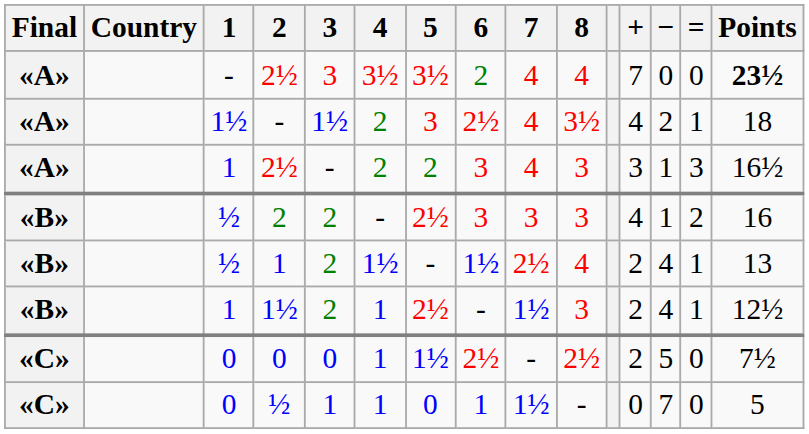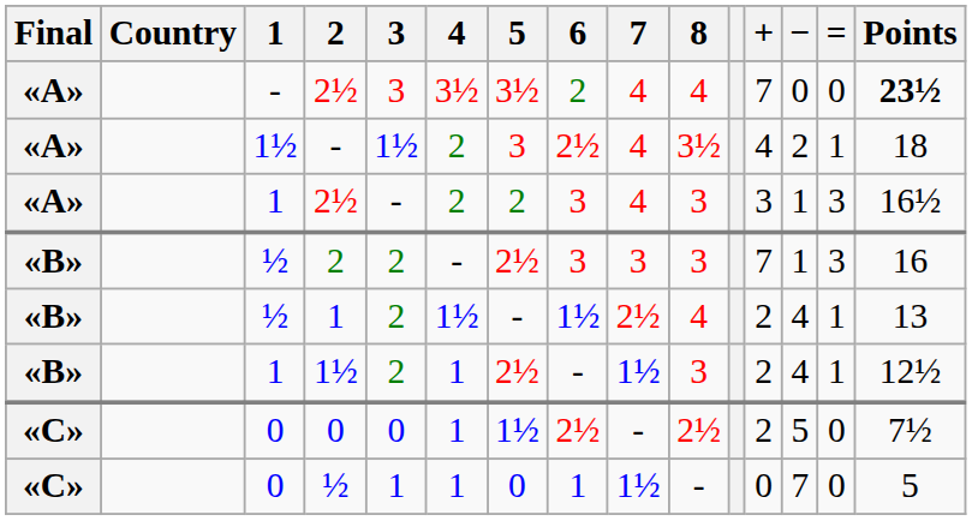 <table class="wikitable" style="text-align:center">
 <tr>
 <th>Final</th>
 <th>Country</th>
 <th>1</th>
 <th>2</th>
 <th>3</th>
 <th>4</th>
 <th>5</th>
 <th>6</th>
 <th>7</th>
 <th>8</th>
 <th></th>
 <th>+</th>
 <th>−</th>
 <th>=</th>
 <th>Points</th>
 </tr>
 <tr>
 <th>«A»</th>
 <td style="text-align: left"></td>
 <td>-</td>
 <td style="color: red;">2½</td>
 <td style="color: red;">3</td>
 <td style="color: red;">3½</td>
 <td style="color: red;">3½</td>
 <td style="color: green">2</td>
 <td style="color: red;">4</td>
 <td style="color: red;">4</td>
 <th></th>
 <td>7</td>
 <td>0</td>
 <td>0</td>
 <td><strong>23½</strong></td>
 </tr>
 <tr>
 <th>«A»</th>
 <td style="text-align: left"></td>
 <td style="color: blue;">1½</td>
 <td>-</td>
 <td style="color: blue;">1½</td>
 <td style="color: green">2</td>
 <td style="color: red;">3</td>
 <td style="color: red;">2½</td>
 <td style="color: red;">4</td>
 <td style="color: red;">3½</td>
 <th></th>
 <td>4</td>
 <td>2</td>
 <td>1</td>
 <td>18</td>
 </tr>
 <tr>
 <th>«A»</th>
 <td style="text-align: left"></td>
 <td style="color: blue;">1</td>
 <td style="color: red;">2½</td>
 <td>-</td>
 <td style="color: green">2</td>
 <td style="color: green">2</td>
 <td style="color: red;">3</td>
 <td style="color: red;">4</td>
 <td style="color: red;">3</td>
 <th></th>
 <td>3</td>
 <td>1</td>
 <td>3</td>
 <td>16½</td>
 </tr>
 <tr style="border-top:2px solid grey;">
 <th>«B»</th>
 <td style="text-align: left"></td>
 <td style="color: blue;">½</td>
 <td style="color: green">2</td>
 <td style="color: green">2</td>
 <td>-</td>
 <td style="color: red;">2½</td>
 <td style="color: red;">3</td>
 <td style="color: red;">3</td>
 <td style="color: red;">3</td>
 <th></th>
-<td>4</td>
+<td>7</td>
 <td>1</td>
-<td>2</td>
+<td>3</td>
 <td>16</td>
 </tr>
 <tr>
 <th>«B»</th>
 <td style="text-align: left"></td>
 <td style="color: blue;">½</td>
 <td style="color: blue;">1</td>
 <td style="color: green">2</td>
 <td style="color: blue;">1½</td>
 <td>-</td>
 <td style="color: blue;">1½</td>
 <td style="color: red;">2½</td>
 <td style="color: red;">4</td>
 <th></th>
 <td>2</td>
 <td>4</td>
 <td>1</td>
 <td>13</td>
 </tr>
 <tr>
 <th>«B»</th>
 <td style="text-align: left"></td>
 <td style="color: blue;">1</td>
 <td style="color: blue;">1½</td>
 <td style="color: green">2</td>
 <td style="color: blue;">1</td>
 <td style="color: red;">2½</td>
 <td>-</td>
 <td style="color: blue;">1½</td>
 <td style="color: red;">3</td>
 <th></th>
 <td>2</td>
 <td>4</td>
 <td>1</td>
 <td>12½</td>
 </tr>
 <tr style="border-top:2px solid grey;">
 <th>«C»</th>
 <td style="text-align: left"></td>
 <td style="color: blue;">0</td>
 <td style="color: blue;">0</td>
 <td style="color: blue;">0</td>
 <td style="color: blue;">1</td>
 <td style="color: blue;">1½</td>
 <td style="color: red;">2½</td>
 <td>-</td>
 <td style="color: red;">2½</td>
 <th></th>
 <td>2</td>
 <td>5</td>
 <td>0</td>
 <td>7½</td>
 </tr>
 <tr>
 <th>«C»</th>
 <td style="text-align: left"></td>
 <td style="color: blue;">0</td>
 <td style="color: blue;">½</td>
 <td style="color: blue;">1</td>
 <td style="color: blue;">1</td>
 <td style="color: blue;">0</td>
 <td style="color: blue;">1</td>
 <td style="color: blue;">1½</td>
 <td>-</td>
 <th></th>
 <td>0</td>
 <td>7</td>
 <td>0</td>
 <td>5</td>
 </tr>
 </table>
